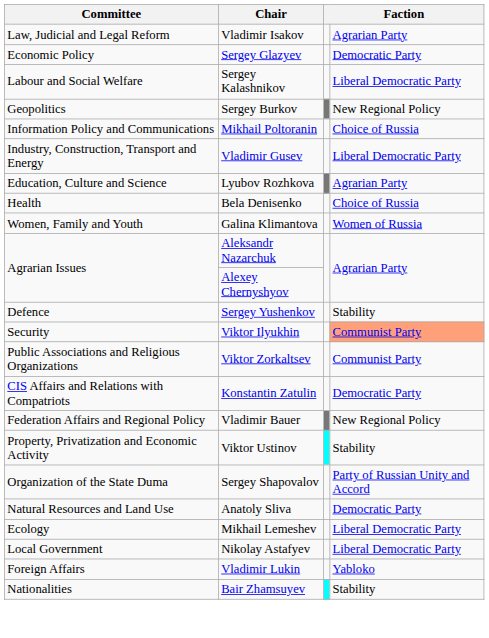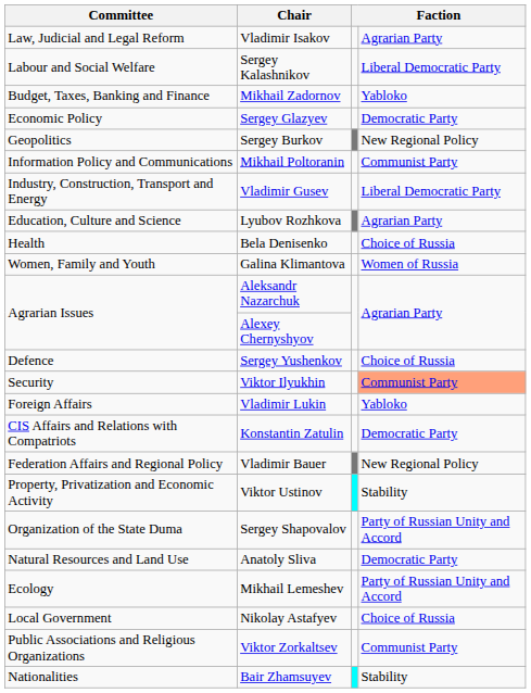 <table class="wikitable">
 <tr>
 <th>Committee</th>
 <th>Chair</th>
 <th colspan=2>Faction</th>
 </tr>
 <tr>
 <td>Law, Judicial and Legal Reform</td>
 <td>Vladimir Isakov</td>
 <td style="background-color:"></td>
 <td><a href='#'>Agrarian Party</a></td>
 </tr>
 <tr>
+<td>Labour and Social Welfare</td>
+<td>Sergey Kalashnikov</td>
+<td style="background-color:"></td>
+<td><a href='#'>Liberal Democratic Party</a></td>
+</tr>
+<tr>
+<td>Budget, Taxes, Banking and Finance</td>
+<td><a href='#'>Mikhail Zadornov</a></td>
+<td style="background-color:"></td>
+<td><a href='#'>Yabloko</a></td>
+</tr>
+<tr>
 <td>Economic Policy</td>
 <td><a href='#'>Sergey Glazyev</a></td>
 <td style="background-color:"></td>
 <td><a href='#'>Democratic Party</a></td>
-</tr>
-<tr>
-<td>Labour and Social Welfare</td>
-<td>Sergey Kalashnikov</td>
-<td style="background-color:"></td>
-<td><a href='#'>Liberal Democratic Party</a></td>
 </tr>
 <tr>
 <td>Geopolitics</td>
 <td>Sergey Burkov</td>
 <td style="background-color:#777777"></td>
 <td>New Regional Policy</td>
 </tr>
 <tr>
 <td>Information Policy and Communications</td>
 <td><a href='#'>Mikhail Poltoranin</a></td>
 <td style="background-color:"></td>
-<td><a href='#'>Choice of Russia</a></td>
+<td><a href='#'>Communist Party</a></td>
 </tr>
 <tr>
 <td>Industry, Construction, Transport and Energy</td>
 <td><a href='#'>Vladimir Gusev</a></td>
 <td style="background-color:"></td>
 <td><a href='#'>Liberal Democratic Party</a></td>
 </tr>
 <tr>
 <td>Education, Culture and Science</td>
 <td>Lyubov Rozhkova</td>
 <td style="background-color:#777777"></td>
 <td><a href='#'>Agrarian Party</a></td>
 </tr>
 <tr>
 <td>Health</td>
 <td>Bela Denisenko</td>
 <td style="background-color:"></td>
 <td><a href='#'>Choice of Russia</a></td>
 </tr>
 <tr>
 <td>Women, Family and Youth</td>
 <td>Galina Klimantova</td>
 <td style="background-color:"></td>
 <td><a href='#'>Women of Russia</a></td>
 </tr>
 <tr>
 <td rowspan=2>Agrarian Issues</td>
 <td><a href='#'>Aleksandr Nazarchuk</a></td>
 <td rowspan=2; style="background-color:"></td>
 <td rowspan=2><a href='#'>Agrarian Party</a></td>
 </tr>
 <tr>
 <td><a href='#'>Alexey Chernyshyov</a></td>
 </tr>
 <tr>
 <td>Defence</td>
 <td><a href='#'>Sergey Yushenkov</a></td>
 <td style="background-color:"></td>
-<td>Stability</td>
+<td><a href='#'>Choice of Russia</a></td>
 </tr>
 <tr>
 <td>Security</td>
 <td><a href='#'>Viktor Ilyukhin</a></td>
 <td style="background-color:"></td>
 <td style="background: lightsalmon;"><a href='#'>Communist Party</a></td>
 </tr>
 <tr>
-<td>Public Associations and Religious Organizations</td>
-<td><a href='#'>Viktor Zorkaltsev</a></td>
+<td>Foreign Affairs</td>
+<td><a href='#'>Vladimir Lukin</a></td>
 <td style="background-color:"></td>
-<td><a href='#'>Communist Party</a></td>
+<td><a href='#'>Yabloko</a></td>
 </tr>
 <tr>
 <td><a href='#'>CIS</a> Affairs and Relations with Compatriots</td>
 <td><a href='#'>Konstantin Zatulin</a></td>
 <td style="background-color:"></td>
 <td><a href='#'>Democratic Party</a></td>
 </tr>
 <tr>
 <td>Federation Affairs and Regional Policy</td>
 <td>Vladimir Bauer</td>
 <td style="background-color:#777777"></td>
 <td>New Regional Policy</td>
 </tr>
 <tr>
 <td>Property, Privatization and Economic Activity</td>
 <td>Viktor Ustinov</td>
 <td style="background-color:cyan"></td>
 <td>Stability</td>
 </tr>
 <tr>
 <td>Organization of the State Duma</td>
 <td>Sergey Shapovalov</td>
 <td style="background-color:"></td>
 <td><a href='#'>Party of Russian Unity and Accord</a></td>
 </tr>
 <tr>
 <td>Natural Resources and Land Use</td>
 <td>Anatoly Sliva</td>
 <td style="background-color:"></td>
 <td><a href='#'>Democratic Party</a></td>
 </tr>
 <tr>
 <td>Ecology</td>
 <td>Mikhail Lemeshev</td>
 <td style="background-color:"></td>
-<td><a href='#'>Liberal Democratic Party</a></td>
+<td><a href='#'>Party of Russian Unity and Accord</a></td>
 </tr>
 <tr>
 <td>Local Government</td>
 <td>Nikolay Astafyev</td>
 <td style="background-color:"></td>
-<td><a href='#'>Liberal Democratic Party</a></td>
+<td><a href='#'>Choice of Russia</a></td>
 </tr>
 <tr>
-<td>Foreign Affairs</td>
-<td><a href='#'>Vladimir Lukin</a></td>
+<td>Public Associations and Religious Organizations</td>
+<td><a href='#'>Viktor Zorkaltsev</a></td>
 <td style="background-color:"></td>
-<td><a href='#'>Yabloko</a></td>
+<td><a href='#'>Communist Party</a></td>
 </tr>
 <tr>
 <td>Nationalities</td>
 <td><a href='#'>Bair Zhamsuyev</a></td>
 <td style="background-color:cyan"></td>
 <td>Stability</td>
 </tr>
 </table>
